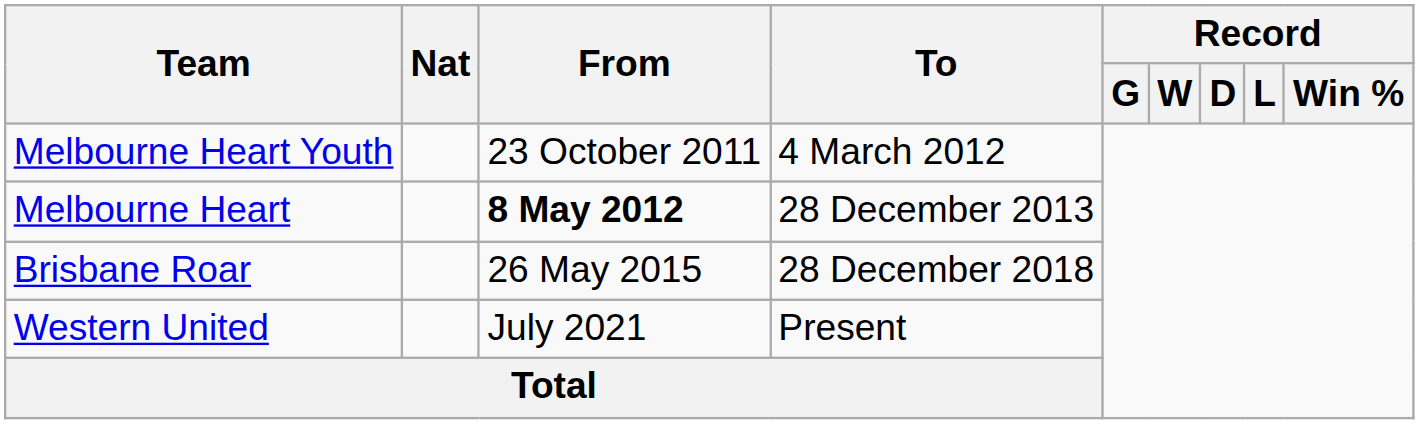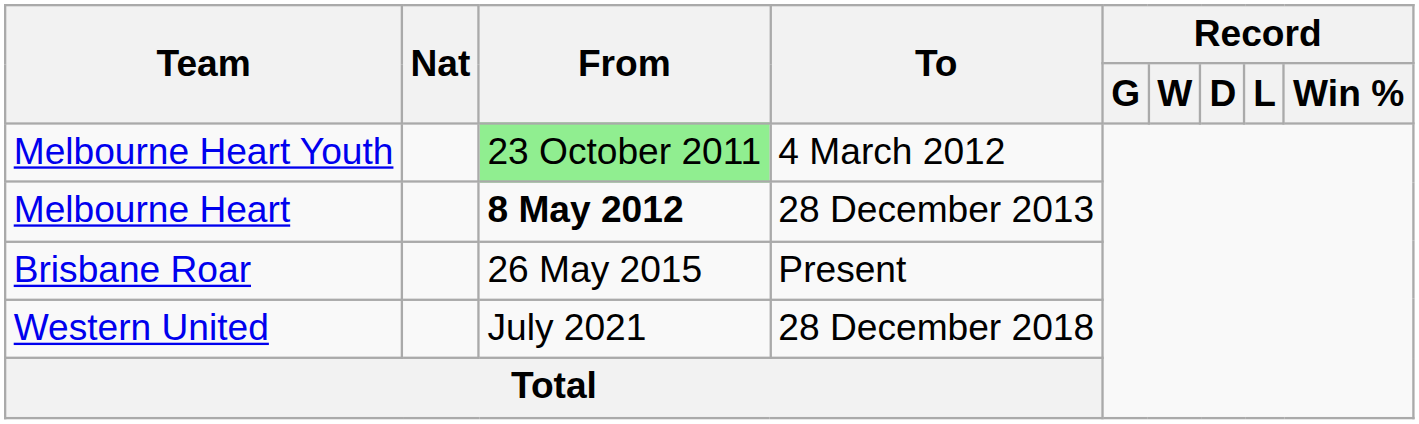 <table class="wikitable" style="text-align: center">
 <tr>
 <th rowspan=2>Team</th>
 <th rowspan=2>Nat</th>
 <th rowspan=2>From</th>
 <th rowspan=2>To</th>
 <th colspan=5>Record</th>
 </tr>
 <tr>
 <th>G</th>
 <th>W</th>
 <th>D</th>
 <th>L</th>
 <th>Win %</th>
 </tr>
 <tr>
 <td align=left><a href='#'>Melbourne Heart Youth</a></td>
 <td></td>
-<td align=left>23 October 2011</td>
+<td align=left style="background: lightgreen;">23 October 2011</td>
 <td align=left>4 March 2012<br></td>
 </tr>
 <tr>
 <td align=left><a href='#'>Melbourne Heart</a></td>
 <td></td>
 <td align=left><strong>8 May 2012</strong></td>
 <td align=left>28 December 2013<br></td>
 </tr>
 <tr>
 <td align=left><a href='#'>Brisbane Roar</a></td>
 <td></td>
 <td align=left>26 May 2015</td>
-<td align=left>28 December 2018<br></td>
+<td align=left>Present<br></td>
 </tr>
 <tr>
 <td align=left><a href='#'>Western United</a></td>
 <td></td>
 <td align=left>July 2021</td>
-<td align=left>Present<br></td>
+<td align=left>28 December 2018<br></td>
 </tr>
 <tr>
 <th colspan=4>Total<br></th>
 </tr>
 </table>
